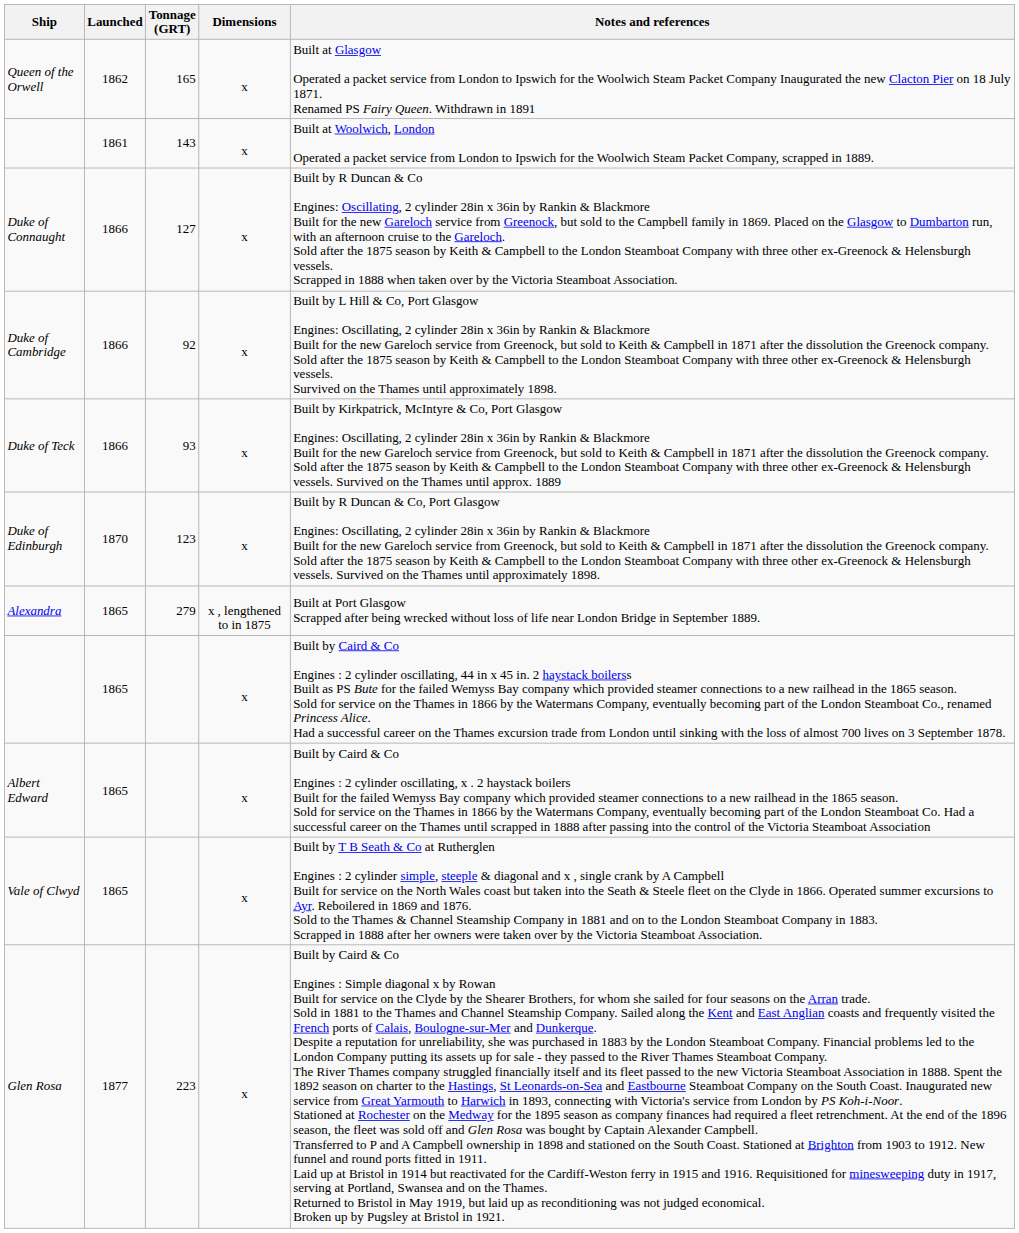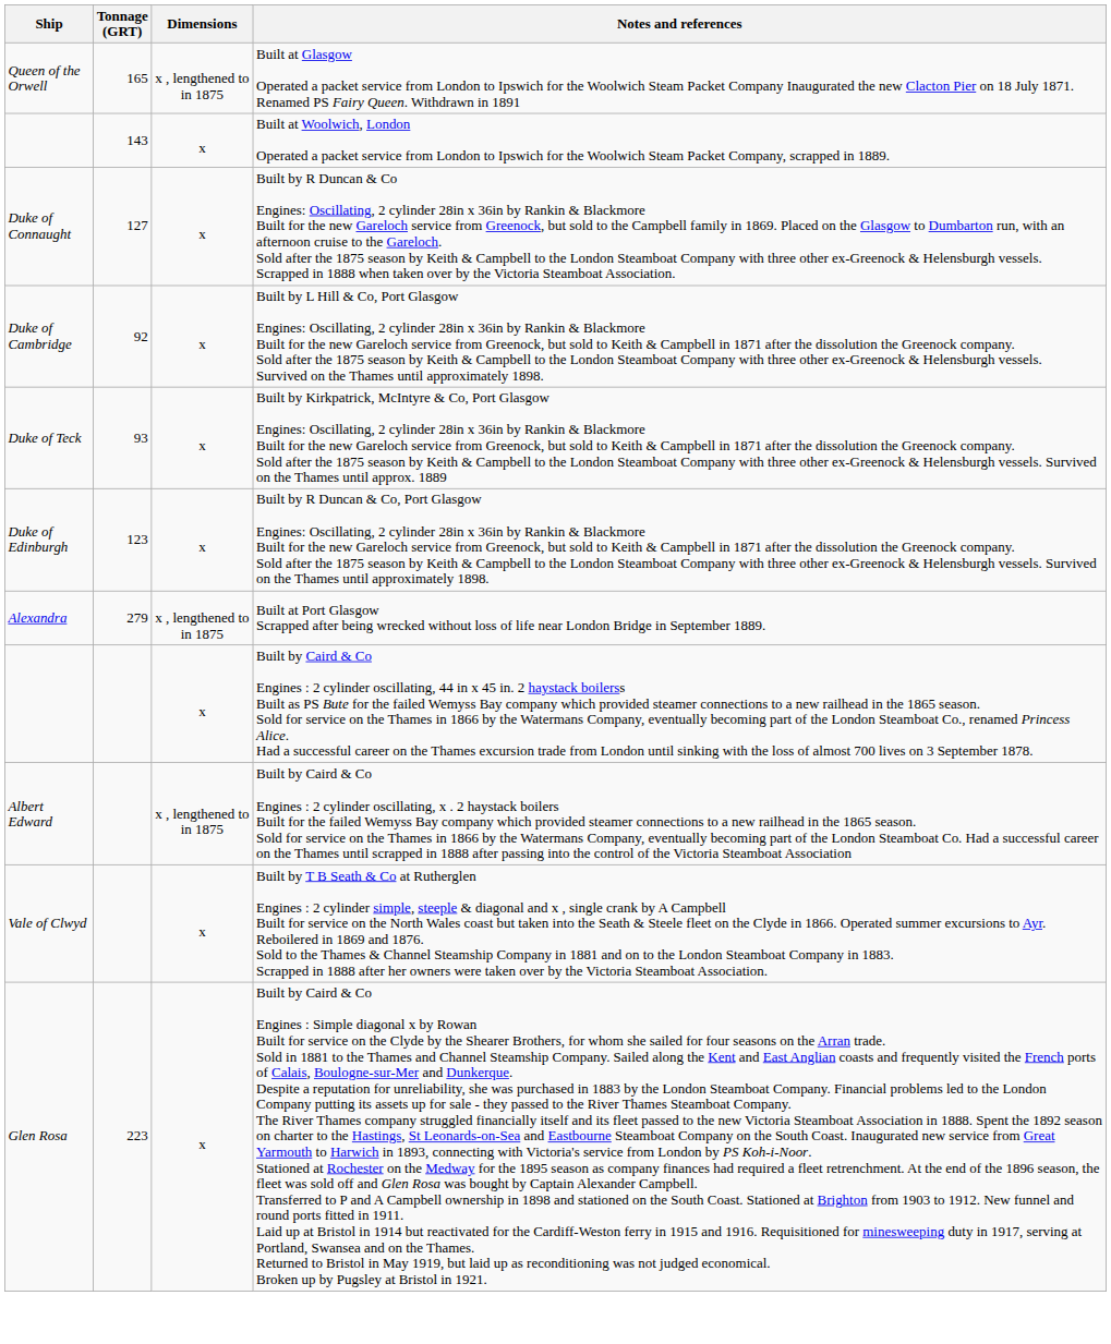 <table class="wikitable sortable">
 <tr>
 <th scope="col">Ship</th>
-<th scope="col">Launched</th>
 <th scope="col">Tonnage<br>(GRT)</th>
 <th scope="col">Dimensions</th>
 <th scope="col">Notes and references</th>
 </tr>
 <tr>
 <td><em>Queen of the Orwell</em></td>
-<td align="center">1862</td>
 <td align="right">165</td>
-<td align="center"> <br>x </td>
+<td align="center"> <br>x , lengthened to  in 1875</td>
 <td>Built at <a href='#'>Glasgow</a><br><br>Operated a packet service from London to Ipswich for the Woolwich Steam Packet Company Inaugurated the new <a href='#'>Clacton Pier</a> on 18 July 1871.<br> Renamed PS <em>Fairy Queen</em>. Withdrawn in 1891</td>
 </tr>
 <tr>
 <td></td>
-<td align="center">1861</td>
 <td align="right">143</td>
 <td align="center"> <br>x </td>
 <td>Built at <a href='#'>Woolwich</a>, <a href='#'>London</a><br><br>Operated a packet service from London to Ipswich for the Woolwich Steam Packet Company, scrapped in 1889.</td>
 </tr>
 <tr>
 <td><em>Duke of Connaught</em></td>
-<td align="center">1866</td>
 <td align="right">127</td>
 <td align="center"><br>x </td>
 <td>Built by R Duncan & Co<br><br>Engines: <a href='#'>Oscillating</a>, 2 cylinder 28in x 36in by Rankin & Blackmore<br> Built for the new <a href='#'>Gareloch</a> service from <a href='#'>Greenock</a>, but sold to the Campbell family in 1869. Placed on the <a href='#'>Glasgow</a> to <a href='#'>Dumbarton</a> run, with an afternoon cruise to the <a href='#'>Gareloch</a>.<br> Sold after the 1875 season by Keith & Campbell to the London Steamboat Company with three other ex-Greenock & Helensburgh vessels.<br> Scrapped in 1888 when taken over by the Victoria Steamboat Association.</td>
 </tr>
 <tr>
 <td><em>Duke of Cambridge</em></td>
-<td align="center">1866</td>
 <td align="right">92</td>
 <td align="center"> <br>x </td>
 <td>Built by L Hill & Co, Port Glasgow<br><br>Engines: Oscillating, 2 cylinder 28in x 36in by Rankin & Blackmore<br> Built for the new Gareloch service from Greenock, but sold to Keith & Campbell in 1871 after the dissolution the Greenock company.<br> Sold after the 1875 season by Keith & Campbell to the London Steamboat Company with three other ex-Greenock & Helensburgh vessels.<br> Survived on the Thames until approximately 1898.</td>
 </tr>
 <tr>
 <td><em>Duke of Teck</em></td>
-<td align="center">1866</td>
 <td align="right">93</td>
 <td align="center"><br>x </td>
 <td>Built by Kirkpatrick, McIntyre & Co, Port Glasgow<br><br>Engines: Oscillating, 2 cylinder 28in x 36in by Rankin & Blackmore<br> Built for the new Gareloch service from Greenock, but sold to Keith & Campbell in 1871 after the dissolution the Greenock company.<br> Sold after the 1875 season by Keith & Campbell to the London Steamboat Company with three other ex-Greenock & Helensburgh vessels. Survived on the Thames until approx. 1889</td>
 </tr>
 <tr>
 <td><em>Duke of Edinburgh</em></td>
-<td align="center">1870</td>
 <td align="right">123</td>
 <td align="center"><br>x </td>
 <td>Built by R Duncan & Co, Port Glasgow<br><br>Engines: Oscillating, 2 cylinder 28in x 36in by Rankin & Blackmore<br> Built for the new Gareloch service from Greenock, but sold to Keith & Campbell in 1871 after the dissolution the Greenock company.<br> Sold after the 1875 season by Keith & Campbell to the London Steamboat Company with three other ex-Greenock & Helensburgh vessels. Survived on the Thames until approximately 1898.</td>
 </tr>
 <tr>
 <td><em><a href='#'>Alexandra</a></em></td>
-<td align="center">1865</td>
 <td align="right">279</td>
 <td align="center"> <br>x , lengthened to  in 1875</td>
 <td>Built at Port Glasgow<br>Scrapped after being wrecked without loss of life near London Bridge in September 1889.</td>
 </tr>
 <tr>
 <td></td>
-<td align="center">1865</td>
 <td></td>
 <td align="center"><br>x </td>
 <td>Built by <a href='#'>Caird & Co</a><br><br>Engines : 2 cylinder oscillating, 44 in x 45 in. 2 <a href='#'>haystack boilers</a>s<br> Built as PS <em>Bute</em> for the failed Wemyss Bay company which provided steamer connections to a new railhead in the 1865 season.<br> Sold for service on the Thames in 1866 by the Watermans Company, eventually becoming part of the London Steamboat Co., renamed <em>Princess Alice</em>.<br> Had a successful career on the Thames excursion trade from London until sinking with the loss of almost 700 lives on 3 September 1878.</td>
 </tr>
 <tr>
 <td><em>Albert Edward</em></td>
-<td align="center">1865</td>
 <td></td>
-<td align="center"><br>x </td>
+<td align="center"> <br>x , lengthened to  in 1875</td>
 <td>Built by Caird & Co<br><br>Engines : 2 cylinder oscillating,  x . 2 haystack boilers<br> Built for the failed Wemyss Bay company which provided steamer connections to a new railhead in the 1865 season.<br> Sold for service on the Thames in 1866 by the Watermans Company, eventually becoming part of the London Steamboat Co. Had a successful career on the Thames until scrapped in 1888 after passing into the control of the Victoria Steamboat Association</td>
 </tr>
 <tr>
 <td><em>Vale of Clwyd</em></td>
-<td align="center">1865</td>
 <td></td>
 <td align="center"><br>x </td>
 <td>Built by <a href='#'>T B Seath & Co</a> at Rutherglen<br><br>Engines : 2 cylinder <a href='#'>simple</a>, <a href='#'>steeple</a> & diagonal  and  x , single crank by A Campbell<br> Built for service on the North Wales coast but taken into the Seath & Steele fleet on the Clyde in 1866. Operated summer excursions to <a href='#'>Ayr</a>. Reboilered in 1869 and 1876.<br> Sold to the Thames & Channel Steamship Company in 1881 and on to the London Steamboat Company in 1883.<br> Scrapped in 1888 after her owners were taken over by the Victoria Steamboat Association.</td>
 </tr>
 <tr>
 <td><em>Glen Rosa</em></td>
-<td align="center">1877</td>
 <td align="right">223</td>
 <td align="center"><br>x </td>
 <td>Built by Caird & Co<br><br>Engines : Simple diagonal  x  by Rowan<br> Built for service on the Clyde by the Shearer Brothers, for whom she sailed for four seasons on the <a href='#'>Arran</a> trade.<br> Sold in 1881 to the Thames and Channel Steamship Company. Sailed along the <a href='#'>Kent</a> and <a href='#'>East Anglian</a> coasts and frequently visited the <a href='#'>French</a> ports of <a href='#'>Calais</a>, <a href='#'>Boulogne-sur-Mer</a> and <a href='#'>Dunkerque</a>.<br> Despite a reputation for unreliability, she was purchased in 1883 by the London Steamboat Company. Financial problems led to the London Company putting its assets up for sale - they passed to the River Thames Steamboat Company.<br> The River Thames company struggled financially itself and its fleet passed to the new Victoria Steamboat Association in 1888. Spent the 1892 season on charter to the <a href='#'>Hastings</a>, <a href='#'>St Leonards-on-Sea</a> and <a href='#'>Eastbourne</a> Steamboat Company on the South Coast. Inaugurated new service from <a href='#'>Great Yarmouth</a> to <a href='#'>Harwich</a> in 1893, connecting with Victoria's service from London by <em>PS Koh-i-Noor</em>.<br> Stationed at <a href='#'>Rochester</a> on the <a href='#'>Medway</a> for the 1895 season as company finances had required a fleet retrenchment. At the end of the 1896 season, the fleet was sold off and <em>Glen Rosa</em> was bought by Captain Alexander Campbell.<br> Transferred to P and A Campbell ownership in 1898 and stationed on the South Coast. Stationed at <a href='#'>Brighton</a> from 1903 to 1912. New funnel and round ports fitted in 1911.<br> Laid up at Bristol in 1914 but reactivated for the Cardiff-Weston ferry in 1915 and 1916. Requisitioned for <a href='#'>minesweeping</a> duty in 1917, serving at Portland, Swansea and on the Thames.<br> Returned to Bristol in May 1919, but laid up as reconditioning was not judged economical.<br> Broken up by Pugsley at Bristol in 1921.</td>
 </tr>
 </table>
